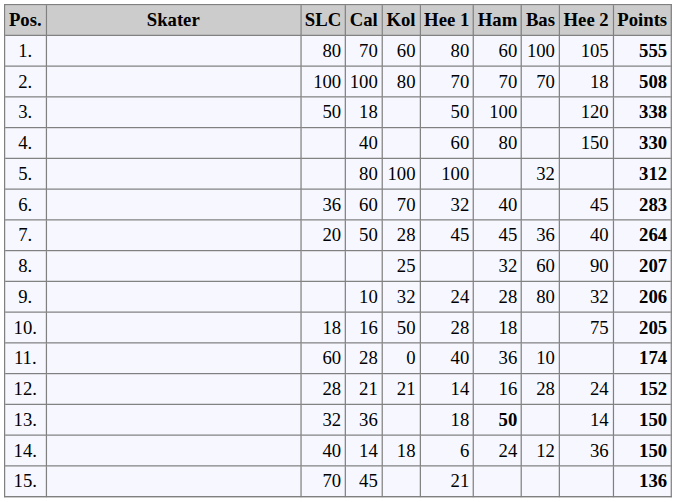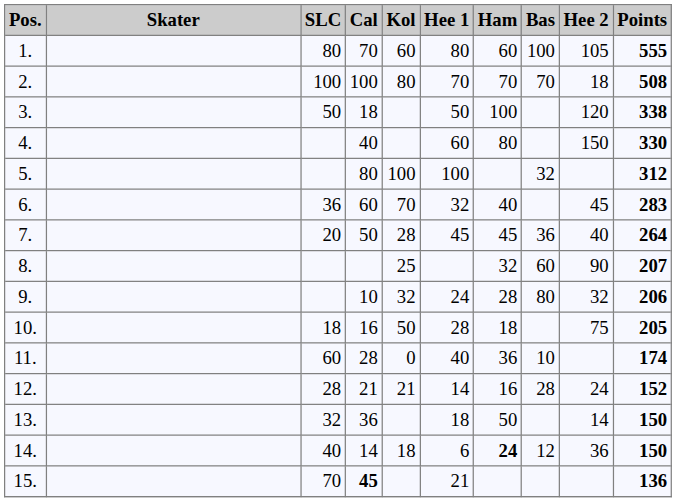 <table bgcolor="#f7f8ff" cellpadding="3" cellspacing="0" border="1" style="font-size: 95%; border: gray solid 1px; border-collapse: collapse;">
 <tr bgcolor="#CCCCCC">
 <td align="center" width="10"><strong>Pos.</strong></td>
 <td align="center" width="200"><strong>Skater</strong></td>
 <td align="center" width="20"><strong>SLC</strong></td>
 <td align="center" width="20"><strong>Cal</strong></td>
 <td align="center" width="20"><strong>Kol</strong></td>
 <td align="center" width="20"><strong>Hee 1</strong></td>
 <td align="center" width="20"><strong>Ham</strong></td>
 <td align="center" width="20"><strong>Bas</strong></td>
 <td align="center" width="20"><strong>Hee 2</strong></td>
 <td align="center" width="20"><strong>Points</strong></td>
 </tr>
 <tr align="left">
 <td align="center">1.</td>
 <td></td>
 <td align="right">80</td>
 <td align="right">70</td>
 <td align="right">60</td>
 <td align="right">80</td>
 <td align="right">60</td>
 <td align="right">100</td>
 <td align="right">105</td>
 <td align="right"><strong>555</strong></td>
 </tr>
 <tr align="left">
 <td align="center">2.</td>
 <td></td>
 <td align="right">100</td>
 <td align="right">100</td>
 <td align="right">80</td>
 <td align="right">70</td>
 <td align="right">70</td>
 <td align="right">70</td>
 <td align="right">18</td>
 <td align="right"><strong>508</strong></td>
 </tr>
 <tr align="left">
 <td align="center">3.</td>
 <td></td>
 <td align="right">50</td>
 <td align="right">18</td>
 <td align="right"></td>
 <td align="right">50</td>
 <td align="right">100</td>
 <td align="right"></td>
 <td align="right">120</td>
 <td align="right"><strong>338</strong></td>
 </tr>
 <tr align="left">
 <td align="center">4.</td>
 <td></td>
 <td align="right"></td>
 <td align="right">40</td>
 <td align="right"></td>
 <td align="right">60</td>
 <td align="right">80</td>
 <td align="right"></td>
 <td align="right">150</td>
 <td align="right"><strong>330</strong></td>
 </tr>
 <tr align="left">
 <td align="center">5.</td>
 <td></td>
 <td align="right"></td>
 <td align="right">80</td>
 <td align="right">100</td>
 <td align="right">100</td>
 <td align="right"></td>
 <td align="right">32</td>
 <td align="right"></td>
 <td align="right"><strong>312</strong></td>
 </tr>
 <tr align="left">
 <td align="center">6.</td>
 <td></td>
 <td align="right">36</td>
 <td align="right">60</td>
 <td align="right">70</td>
 <td align="right">32</td>
 <td align="right">40</td>
 <td align="right"></td>
 <td align="right">45</td>
 <td align="right"><strong>283</strong></td>
 </tr>
 <tr align="left">
 <td align="center">7.</td>
 <td></td>
 <td align="right">20</td>
 <td align="right">50</td>
 <td align="right">28</td>
 <td align="right">45</td>
 <td align="right">45</td>
 <td align="right">36</td>
 <td align="right">40</td>
 <td align="right"><strong>264</strong></td>
 </tr>
 <tr align="left">
 <td align="center">8.</td>
 <td></td>
 <td align="right"></td>
 <td align="right"></td>
 <td align="right">25</td>
 <td align="right"></td>
 <td align="right">32</td>
 <td align="right">60</td>
 <td align="right">90</td>
 <td align="right"><strong>207</strong></td>
 </tr>
 <tr align="left">
 <td align="center">9.</td>
 <td></td>
 <td align="right"></td>
 <td align="right">10</td>
 <td align="right">32</td>
 <td align="right">24</td>
 <td align="right">28</td>
 <td align="right">80</td>
 <td align="right">32</td>
 <td align="right"><strong>206</strong></td>
 </tr>
 <tr align="left">
 <td align="center">10.</td>
 <td></td>
 <td align="right">18</td>
 <td align="right">16</td>
 <td align="right">50</td>
 <td align="right">28</td>
 <td align="right">18</td>
 <td align="right"></td>
 <td align="right">75</td>
 <td align="right"><strong>205</strong></td>
 </tr>
 <tr align="left">
 <td align="center">11.</td>
 <td></td>
 <td align="right">60</td>
 <td align="right">28</td>
 <td align="right">0</td>
 <td align="right">40</td>
 <td align="right">36</td>
 <td align="right">10</td>
 <td align="right"></td>
 <td align="right"><strong>174</strong></td>
 </tr>
 <tr align="left">
 <td align="center">12.</td>
 <td></td>
 <td align="right">28</td>
 <td align="right">21</td>
 <td align="right">21</td>
 <td align="right">14</td>
 <td align="right">16</td>
 <td align="right">28</td>
 <td align="right">24</td>
 <td align="right"><strong>152</strong></td>
 </tr>
 <tr align="left">
 <td align="center">13.</td>
 <td></td>
 <td align="right">32</td>
 <td align="right">36</td>
 <td align="right"></td>
 <td align="right">18</td>
-<td align="right"><strong>50</strong></td>
+<td align="right">50</td>
 <td align="right"></td>
 <td align="right">14</td>
 <td align="right"><strong>150</strong></td>
 </tr>
 <tr align="left">
 <td align="center">14.</td>
 <td></td>
 <td align="right">40</td>
 <td align="right">14</td>
 <td align="right">18</td>
 <td align="right">6</td>
-<td align="right">24</td>
+<td align="right"><strong>24</strong></td>
 <td align="right">12</td>
 <td align="right">36</td>
 <td align="right"><strong>150</strong></td>
 </tr>
 <tr align="left">
 <td align="center">15.</td>
 <td></td>
 <td align="right">70</td>
-<td align="right">45</td>
+<td align="right"><strong>45</strong></td>
 <td align="right"></td>
 <td align="right">21</td>
 <td align="right"></td>
 <td align="right"></td>
 <td align="right"></td>
 <td align="right"><strong>136</strong><br></td>
 </tr>
 <tr>
 </tr>
 </table>
